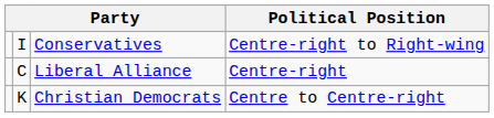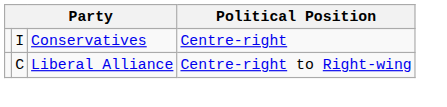 <table class="wikitable mw-collapsible mw-collapsed">
 <tr>
 <th colspan="3">Party</th>
 <th>Political Position</th>
 </tr>
 <tr>
 <td></td>
 <td>I</td>
 <td><a href='#'>Conservatives</a></td>
-<td><a href='#'>Centre-right</a> to <a href='#'>Right-wing</a></td>
+<td><a href='#'>Centre-right</a></td>
 </tr>
 <tr>
 <td></td>
 <td>C</td>
 <td><a href='#'>Liberal Alliance</a></td>
-<td><a href='#'>Centre-right</a></td>
-</tr>
-<tr>
-<td></td>
-<td>K</td>
-<td><a href='#'>Christian Democrats</a></td>
-<td><a href='#'>Centre</a> to <a href='#'>Centre-right</a></td>
+<td><a href='#'>Centre-right</a> to <a href='#'>Right-wing</a></td>
 </tr>
 </table>
